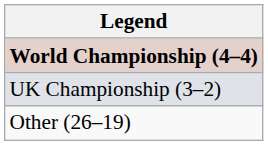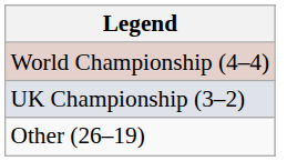 <table class="wikitable">
 <tr>
 <th>Legend</th>
 </tr>
 <tr style="background:#e5d1cb;">
-<td><strong>World Championship (4–4)</strong></td>
+<td>World Championship (4–4)</td>
 </tr>
 <tr style="background:#dfe2e9;">
 <td>UK Championship (3–2)</td>
 </tr>
 <tr bgcolor=>
 <td>Other (26–19)</td>
 </tr>
 </table>
